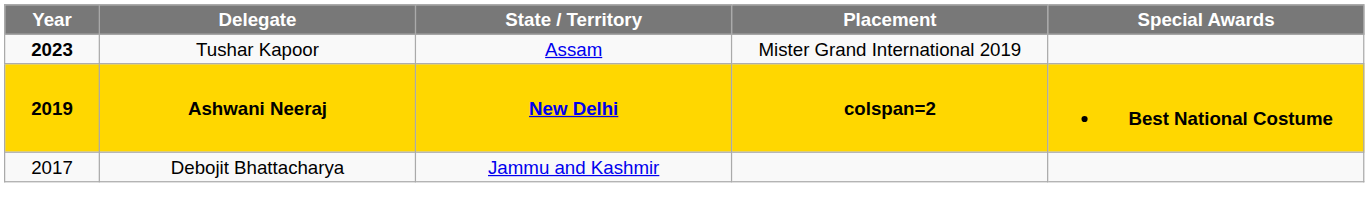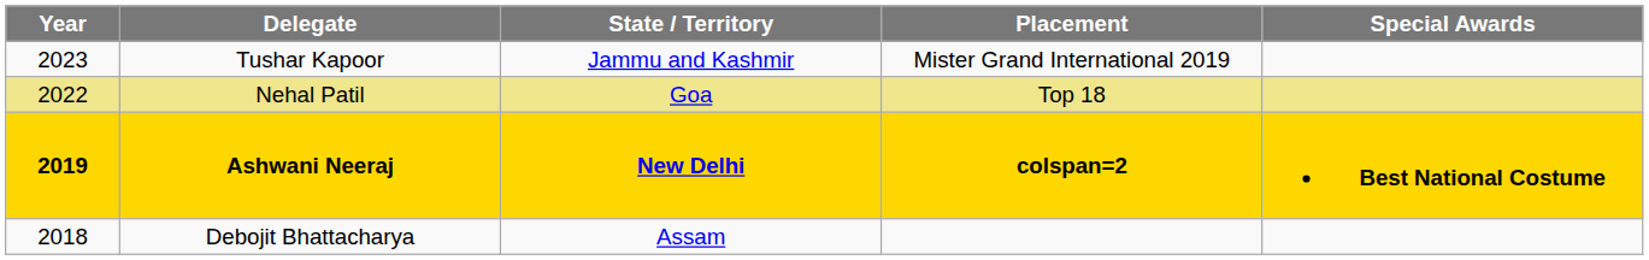 <table class="wikitable sortable" style="font-size: 95%; text-align:center">
 <tr>
 <th width="70" style="background-color:#787878;color:#FFFFFF;">Year</th>
 <th width="250" style="background-color:#787878;color:#FFFFFF;">Delegate</th>
 <th width="250" style="background-color:#787878;color:#FFFFFF;">State / Territory</th>
 <th width="250" style="background-color:#787878;color:#FFFFFF;">Placement</th>
 <th width="250" style="background-color:#787878;color:#FFFFFF;">Special Awards</th>
 </tr>
 <tr>
-<td><strong> 2023</strong></td>
+<td> 2023</td>
 <td>Tushar Kapoor</td>
-<td><a href='#'>Assam</a></td>
+<td><a href='#'>Jammu and Kashmir</a></td>
 <td>Mister Grand International 2019</td>
+</tr>
+<tr style="background:khaki;">
+<td> 2022</td>
+<td>Nehal Patil</td>
+<td><a href='#'>Goa</a></td>
+<td>Top 18</td>
+<td></td>
 </tr>
 <tr style="background:gold; font-weight: bold">
 <td> 2019</td>
 <td>Ashwani Neeraj</td>
 <td><a href='#'>New Delhi</a></td>
 <td>colspan=2 </td>
 <td><br><ul><li>Best National Costume</li></ul></td>
 </tr>
 <tr>
-<td> 2017</td>
+<td> 2018</td>
 <td>Debojit Bhattacharya</td>
-<td><a href='#'>Jammu and Kashmir</a></td>
+<td><a href='#'>Assam</a></td>
 <td></td>
 <td></td>
 </tr>
 </table>
